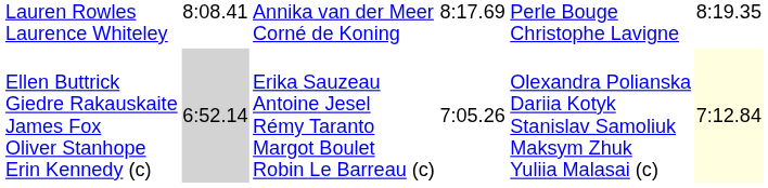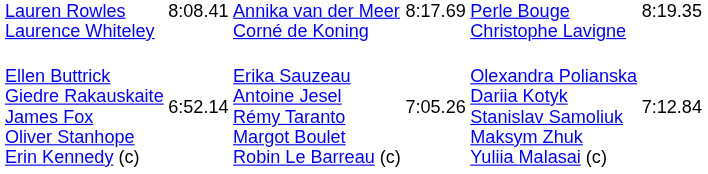 <table>
 <tr>
 <th></th>
 <td><br><a href='#'>Lauren Rowles</a><br><a href='#'>Laurence Whiteley</a></td>
 <td>8:08.41</td>
 <td><br><a href='#'>Annika van der Meer</a><br><a href='#'>Corné de Koning</a></td>
 <td>8:17.69</td>
 <td><br><a href='#'>Perle Bouge</a><br><a href='#'>Christophe Lavigne</a></td>
 <td>8:19.35</td>
 </tr>
 <tr>
 <th></th>
 <td><br><a href='#'>Ellen Buttrick</a><br><a href='#'>Giedre Rakauskaite</a><br><a href='#'>James Fox</a><br><a href='#'>Oliver Stanhope</a><br><a href='#'>Erin Kennedy</a> (c)</td>
-<td style="background: lightgrey;">6:52.14</td>
+<td>6:52.14</td>
 <td><br><a href='#'>Erika Sauzeau</a><br><a href='#'>Antoine Jesel</a><br><a href='#'>Rémy Taranto</a><br><a href='#'>Margot Boulet</a><br><a href='#'>Robin Le Barreau</a> (c)</td>
 <td>7:05.26</td>
 <td><br><a href='#'>Olexandra Polianska</a><br><a href='#'>Dariia Kotyk</a><br><a href='#'>Stanislav Samoliuk</a><br><a href='#'>Maksym Zhuk</a><br><a href='#'>Yuliia Malasai</a> (c)</td>
-<td style="background: lightyellow;">7:12.84</td>
+<td>7:12.84</td>
 </tr>
 </table>
